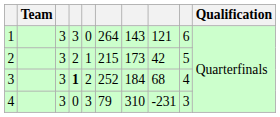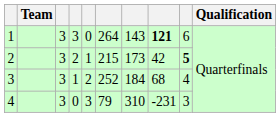 <table class="wikitable">
 <tr>
 <th></th>
 <th>Team</th>
 <th></th>
 <th></th>
 <th></th>
 <th></th>
 <th></th>
 <th></th>
 <th></th>
 <th>Qualification</th>
 </tr>
 <tr bgcolor=ccffcc>
 <td>1</td>
 <td></td>
 <td>3</td>
 <td>3</td>
 <td>0</td>
 <td>264</td>
 <td>143</td>
-<td>121</td>
+<td><strong>121</strong></td>
 <td>6</td>
 <td rowspan=4>Quarterfinals</td>
 </tr>
 <tr bgcolor=ccffcc>
 <td>2</td>
 <td></td>
 <td>3</td>
 <td>2</td>
 <td>1</td>
 <td>215</td>
 <td>173</td>
 <td>42</td>
-<td>5</td>
+<td><strong>5</strong></td>
 </tr>
 <tr bgcolor=ccffcc>
 <td>3</td>
 <td></td>
 <td>3</td>
-<td><strong>1</strong></td>
+<td>1</td>
 <td>2</td>
 <td>252</td>
 <td>184</td>
 <td>68</td>
 <td>4</td>
 </tr>
 <tr bgcolor=ccffcc>
 <td>4</td>
 <td></td>
 <td>3</td>
 <td>0</td>
 <td>3</td>
 <td>79</td>
 <td>310</td>
 <td>-231</td>
 <td>3</td>
 </tr>
 </table>
